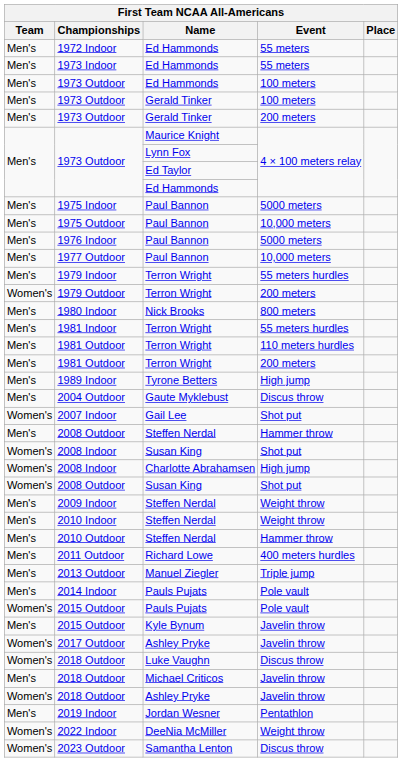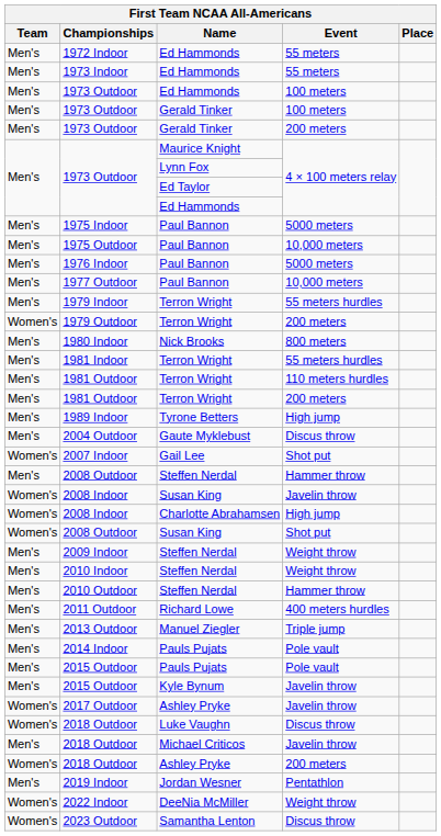 <table class="wikitable sortable">
 <tr>
 <th colspan="5">First Team NCAA All-Americans</th>
 </tr>
 <tr>
 <th scope="col">Team</th>
 <th scope="col">Championships</th>
 <th scope="col">Name</th>
 <th scope="col">Event</th>
 <th scope="col">Place</th>
 </tr>
 <tr>
 <td>Men's</td>
 <td><a href='#'>1972 Indoor</a></td>
 <td><a href='#'>Ed Hammonds</a></td>
 <td><a href='#'>55 meters</a></td>
 <td></td>
 </tr>
 <tr>
 <td>Men's</td>
 <td><a href='#'>1973 Indoor</a></td>
 <td><a href='#'>Ed Hammonds</a></td>
 <td><a href='#'>55 meters</a></td>
 <td></td>
 </tr>
 <tr>
 <td>Men's</td>
 <td><a href='#'>1973 Outdoor</a></td>
 <td><a href='#'>Ed Hammonds</a></td>
 <td><a href='#'>100 meters</a></td>
 <td></td>
 </tr>
 <tr>
 <td>Men's</td>
 <td><a href='#'>1973 Outdoor</a></td>
 <td><a href='#'>Gerald Tinker</a></td>
 <td><a href='#'>100 meters</a></td>
 <td></td>
 </tr>
 <tr>
 <td>Men's</td>
 <td><a href='#'>1973 Outdoor</a></td>
 <td><a href='#'>Gerald Tinker</a></td>
 <td><a href='#'>200 meters</a></td>
 <td></td>
 </tr>
 <tr>
 <td rowspan=4>Men's</td>
 <td rowspan=4><a href='#'>1973 Outdoor</a></td>
 <td><a href='#'>Maurice Knight</a></td>
 <td rowspan=4><a href='#'>4 × 100 meters relay</a></td>
 <td rowspan=4></td>
 </tr>
 <tr>
 <td><a href='#'>Lynn Fox</a></td>
 </tr>
 <tr>
 <td><a href='#'>Ed Taylor</a></td>
 </tr>
 <tr>
 <td><a href='#'>Ed Hammonds</a></td>
 </tr>
 <tr>
 <td>Men's</td>
 <td><a href='#'>1975 Indoor</a></td>
 <td><a href='#'>Paul Bannon</a></td>
 <td><a href='#'>5000 meters</a></td>
 <td></td>
 </tr>
 <tr>
 <td>Men's</td>
 <td><a href='#'>1975 Outdoor</a></td>
 <td><a href='#'>Paul Bannon</a></td>
 <td><a href='#'>10,000 meters</a></td>
 <td></td>
 </tr>
 <tr>
 <td>Men's</td>
 <td><a href='#'>1976 Indoor</a></td>
 <td><a href='#'>Paul Bannon</a></td>
 <td><a href='#'>5000 meters</a></td>
 <td></td>
 </tr>
 <tr>
 <td>Men's</td>
 <td><a href='#'>1977 Outdoor</a></td>
 <td><a href='#'>Paul Bannon</a></td>
 <td><a href='#'>10,000 meters</a></td>
 <td></td>
 </tr>
 <tr>
 <td>Men's</td>
 <td><a href='#'>1979 Indoor</a></td>
 <td><a href='#'>Terron Wright</a></td>
 <td><a href='#'>55 meters hurdles</a></td>
 <td></td>
 </tr>
 <tr>
 <td>Women's</td>
 <td><a href='#'>1979 Outdoor</a></td>
 <td><a href='#'>Terron Wright</a></td>
 <td><a href='#'>200 meters</a></td>
 <td></td>
 </tr>
 <tr>
 <td>Men's</td>
 <td><a href='#'>1980 Indoor</a></td>
 <td><a href='#'>Nick Brooks</a></td>
 <td><a href='#'>800 meters</a></td>
 <td></td>
 </tr>
 <tr>
 <td>Men's</td>
 <td><a href='#'>1981 Indoor</a></td>
 <td><a href='#'>Terron Wright</a></td>
 <td><a href='#'>55 meters hurdles</a></td>
 <td></td>
 </tr>
 <tr>
 <td>Men's</td>
 <td><a href='#'>1981 Outdoor</a></td>
 <td><a href='#'>Terron Wright</a></td>
 <td><a href='#'>110 meters hurdles</a></td>
 <td></td>
 </tr>
 <tr>
 <td>Men's</td>
 <td><a href='#'>1981 Outdoor</a></td>
 <td><a href='#'>Terron Wright</a></td>
 <td><a href='#'>200 meters</a></td>
 <td></td>
 </tr>
 <tr>
 <td>Men's</td>
 <td><a href='#'>1989 Indoor</a></td>
 <td><a href='#'>Tyrone Betters</a></td>
 <td><a href='#'>High jump</a></td>
 <td></td>
 </tr>
 <tr>
 <td>Men's</td>
 <td><a href='#'>2004 Outdoor</a></td>
 <td><a href='#'>Gaute Myklebust</a></td>
 <td><a href='#'>Discus throw</a></td>
 <td></td>
 </tr>
 <tr>
 <td>Women's</td>
 <td><a href='#'>2007 Indoor</a></td>
 <td><a href='#'>Gail Lee</a></td>
 <td><a href='#'>Shot put</a></td>
 <td></td>
 </tr>
 <tr>
 <td>Men's</td>
 <td><a href='#'>2008 Outdoor</a></td>
 <td><a href='#'>Steffen Nerdal</a></td>
 <td><a href='#'>Hammer throw</a></td>
 <td></td>
 </tr>
 <tr>
 <td>Women's</td>
 <td><a href='#'>2008 Indoor</a></td>
 <td><a href='#'>Susan King</a></td>
-<td><a href='#'>Shot put</a></td>
+<td><a href='#'>Javelin throw</a></td>
 <td></td>
 </tr>
 <tr>
 <td>Women's</td>
 <td><a href='#'>2008 Indoor</a></td>
 <td><a href='#'>Charlotte Abrahamsen</a></td>
 <td><a href='#'>High jump</a></td>
 <td></td>
 </tr>
 <tr>
 <td>Women's</td>
 <td><a href='#'>2008 Outdoor</a></td>
 <td><a href='#'>Susan King</a></td>
 <td><a href='#'>Shot put</a></td>
 <td></td>
 </tr>
 <tr>
 <td>Men's</td>
 <td><a href='#'>2009 Indoor</a></td>
 <td><a href='#'>Steffen Nerdal</a></td>
 <td><a href='#'>Weight throw</a></td>
 <td></td>
 </tr>
 <tr>
 <td>Men's</td>
 <td><a href='#'>2010 Indoor</a></td>
 <td><a href='#'>Steffen Nerdal</a></td>
 <td><a href='#'>Weight throw</a></td>
 <td></td>
 </tr>
 <tr>
 <td>Men's</td>
 <td><a href='#'>2010 Outdoor</a></td>
 <td><a href='#'>Steffen Nerdal</a></td>
 <td><a href='#'>Hammer throw</a></td>
 <td></td>
 </tr>
 <tr>
 <td>Men's</td>
 <td><a href='#'>2011 Outdoor</a></td>
 <td><a href='#'>Richard Lowe</a></td>
 <td><a href='#'>400 meters hurdles</a></td>
 <td></td>
 </tr>
 <tr>
 <td>Men's</td>
 <td><a href='#'>2013 Outdoor</a></td>
 <td><a href='#'>Manuel Ziegler</a></td>
 <td><a href='#'>Triple jump</a></td>
 <td></td>
 </tr>
 <tr>
 <td>Men's</td>
 <td><a href='#'>2014 Indoor</a></td>
 <td><a href='#'>Pauls Pujats</a></td>
 <td><a href='#'>Pole vault</a></td>
 <td></td>
 </tr>
 <tr>
-<td>Women's</td>
+<td>Men's</td>
 <td><a href='#'>2015 Outdoor</a></td>
 <td><a href='#'>Pauls Pujats</a></td>
 <td><a href='#'>Pole vault</a></td>
 <td></td>
 </tr>
 <tr>
 <td>Men's</td>
 <td><a href='#'>2015 Outdoor</a></td>
 <td><a href='#'>Kyle Bynum</a></td>
 <td><a href='#'>Javelin throw</a></td>
 <td></td>
 </tr>
 <tr>
 <td>Women's</td>
 <td><a href='#'>2017 Outdoor</a></td>
 <td><a href='#'>Ashley Pryke</a></td>
 <td><a href='#'>Javelin throw</a></td>
 <td></td>
 </tr>
 <tr>
 <td>Women's</td>
 <td><a href='#'>2018 Outdoor</a></td>
 <td><a href='#'>Luke Vaughn</a></td>
 <td><a href='#'>Discus throw</a></td>
 <td></td>
 </tr>
 <tr>
 <td>Men's</td>
 <td><a href='#'>2018 Outdoor</a></td>
 <td><a href='#'>Michael Criticos</a></td>
 <td><a href='#'>Javelin throw</a></td>
 <td></td>
 </tr>
 <tr>
 <td>Women's</td>
 <td><a href='#'>2018 Outdoor</a></td>
 <td><a href='#'>Ashley Pryke</a></td>
-<td><a href='#'>Javelin throw</a></td>
+<td><a href='#'>200 meters</a></td>
 <td></td>
 </tr>
 <tr>
 <td>Men's</td>
 <td><a href='#'>2019 Indoor</a></td>
 <td><a href='#'>Jordan Wesner</a></td>
 <td><a href='#'>Pentathlon</a></td>
 <td></td>
 </tr>
 <tr>
 <td>Women's</td>
 <td><a href='#'>2022 Indoor</a></td>
 <td><a href='#'>DeeNia McMiller</a></td>
 <td><a href='#'>Weight throw</a></td>
 <td></td>
 </tr>
 <tr>
 <td>Women's</td>
 <td><a href='#'>2023 Outdoor</a></td>
 <td><a href='#'>Samantha Lenton</a></td>
 <td><a href='#'>Discus throw</a></td>
 <td></td>
 </tr>
 </table>
